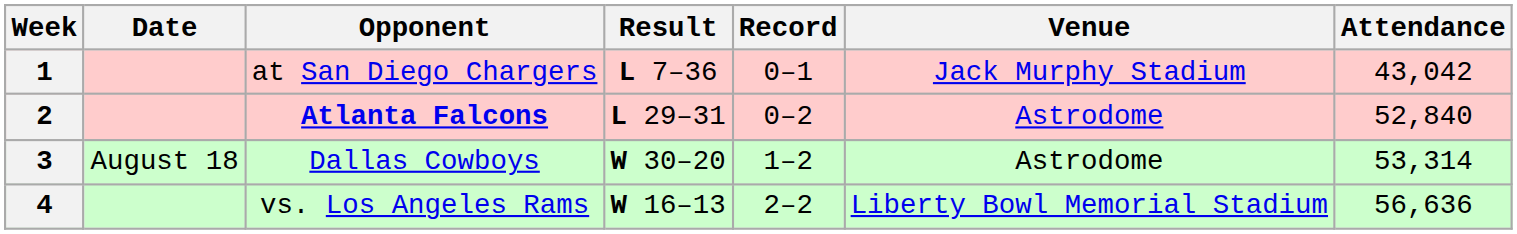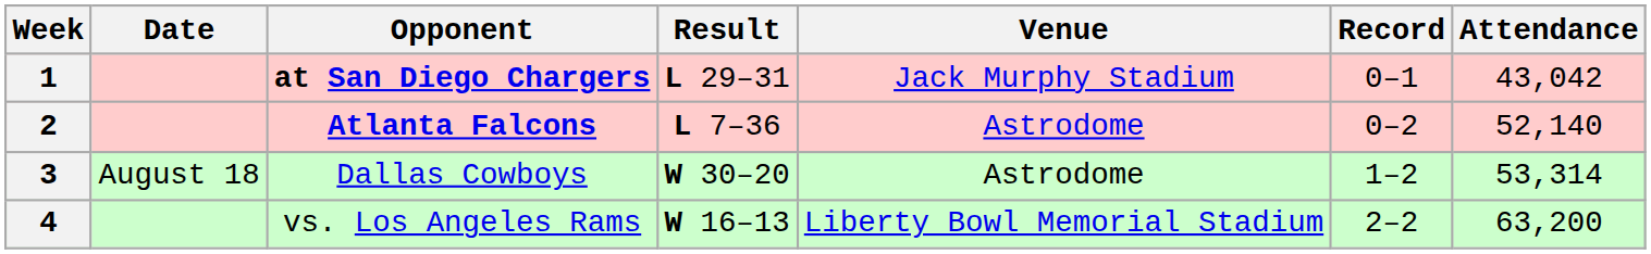 <table class="wikitable" style="text-align:center">
 <tr>
 <th>Week</th>
 <th>Date</th>
 <th>Opponent</th>
 <th>Result</th>
+<th>Venue</th>
 <th>Record</th>
-<th>Venue</th>
 <th>Attendance</th>
 </tr>
 <tr style="background:#fcc">
 <th>1</th>
 <td></td>
-<td>at <a href='#'>San Diego Chargers</a></td>
-<td><strong>L</strong> 7–36</td>
+<td><strong>at <a href='#'>San Diego Chargers</a></strong></td>
+<td><strong>L</strong> 29–31</td>
+<td><a href='#'>Jack Murphy Stadium</a></td>
 <td>0–1</td>
-<td><a href='#'>Jack Murphy Stadium</a></td>
 <td>43,042</td>
 </tr>
 <tr style="background:#fcc">
 <th>2</th>
 <td></td>
 <td><strong><a href='#'>Atlanta Falcons</a></strong></td>
-<td><strong>L</strong> 29–31</td>
+<td><strong>L</strong> 7–36</td>
+<td><a href='#'>Astrodome</a></td>
 <td>0–2</td>
-<td><a href='#'>Astrodome</a></td>
-<td>52,840</td>
+<td>52,140</td>
 </tr>
 <tr style="background:#cfc">
 <th>3</th>
 <td>August 18</td>
 <td><a href='#'>Dallas Cowboys</a></td>
 <td><strong>W</strong> 30–20</td>
+<td>Astrodome</td>
 <td>1–2</td>
-<td>Astrodome</td>
 <td>53,314</td>
 </tr>
 <tr style="background:#cfc">
 <th>4</th>
 <td></td>
 <td>vs. <a href='#'>Los Angeles Rams</a></td>
 <td><strong>W</strong> 16–13</td>
+<td><a href='#'>Liberty Bowl Memorial Stadium</a></td>
 <td>2–2</td>
-<td><a href='#'>Liberty Bowl Memorial Stadium</a></td>
-<td>56,636</td>
+<td>63,200</td>
 </tr>
 </table>
